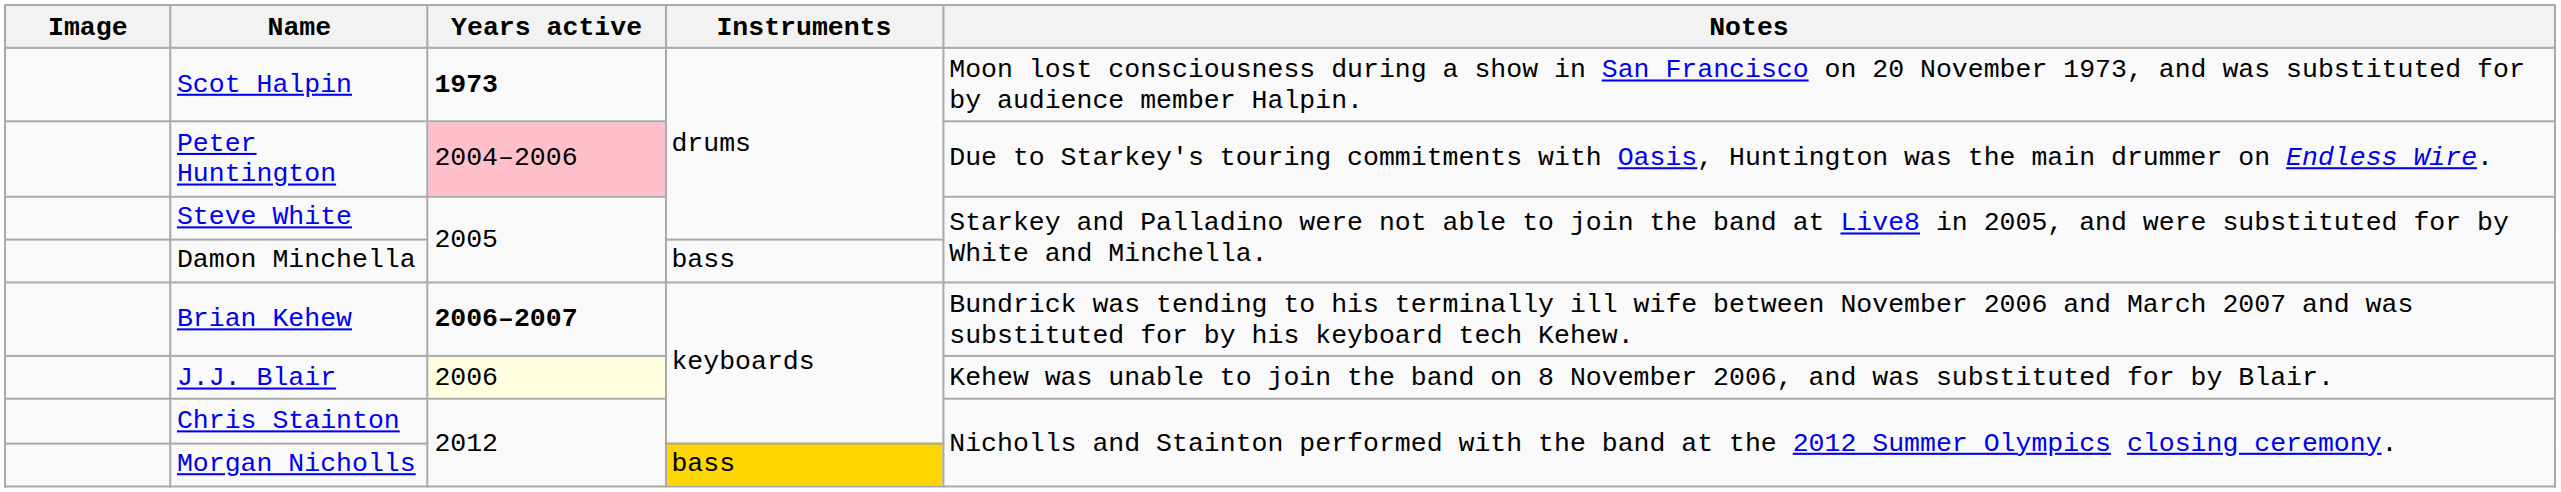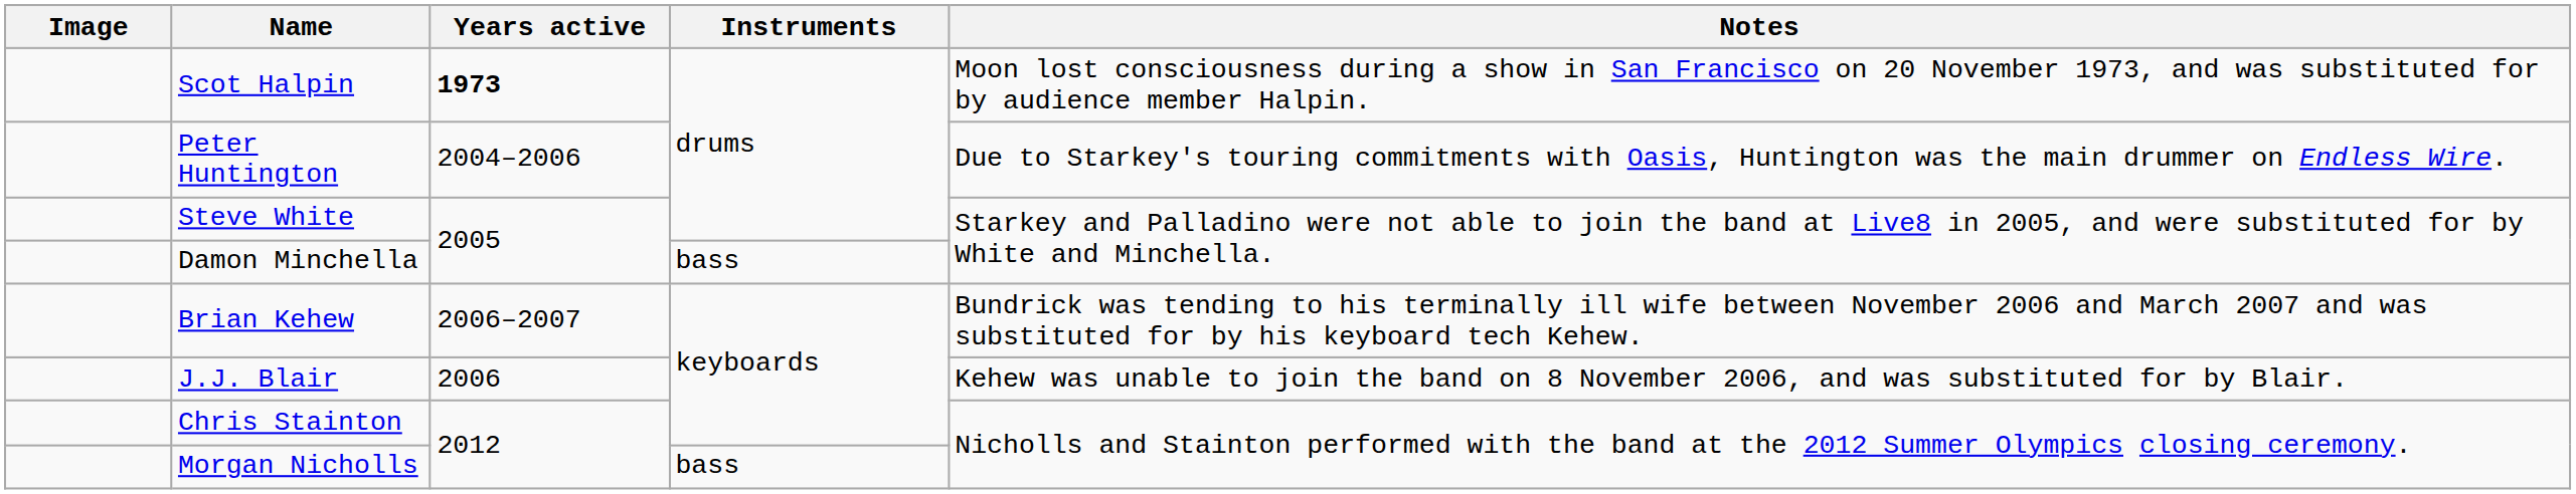 <table class="wikitable">
 <tr>
 <th width="75">Image</th>
 <th width="120">Name</th>
 <th width="110">Years active</th>
 <th width="130">Instruments</th>
 <th>Notes</th>
 </tr>
 <tr>
 <td></td>
 <td><a href='#'>Scot Halpin</a></td>
 <td><strong>1973 </strong></td>
 <td rowspan="3">drums</td>
 <td>Moon lost consciousness during a show in <a href='#'>San Francisco</a> on 20 November 1973, and was substituted for by audience member Halpin.</td>
 </tr>
 <tr>
 <td></td>
 <td><a href='#'>Peter Huntington</a></td>
-<td style="background: pink;">2004–2006</td>
+<td>2004–2006</td>
 <td>Due to Starkey's touring commitments with <a href='#'>Oasis</a>, Huntington was the main drummer on <em><a href='#'>Endless Wire</a></em>.</td>
 </tr>
 <tr>
 <td></td>
 <td><a href='#'>Steve White</a></td>
 <td rowspan="2">2005</td>
 <td rowspan="2">Starkey and Palladino were not able to join the band at <a href='#'>Live8</a> in 2005, and were substituted for by White and Minchella.</td>
 </tr>
 <tr>
 <td></td>
 <td>Damon Minchella</td>
 <td>bass</td>
 </tr>
 <tr>
 <td></td>
 <td><a href='#'>Brian Kehew</a></td>
-<td><strong>2006–2007</strong></td>
+<td>2006–2007</td>
 <td rowspan="3">keyboards</td>
 <td>Bundrick was tending to his terminally ill wife between November 2006 and March 2007 and was substituted for by his keyboard tech Kehew.</td>
 </tr>
 <tr>
 <td></td>
 <td><a href='#'>J.J. Blair</a></td>
-<td style="background: lightyellow;">2006</td>
+<td>2006</td>
 <td>Kehew was unable to join the band on 8 November 2006, and was substituted for by Blair.</td>
 </tr>
 <tr>
 <td></td>
 <td><a href='#'>Chris Stainton</a></td>
 <td rowspan="2">2012</td>
 <td rowspan="2">Nicholls and Stainton performed with the band at the <a href='#'>2012 Summer Olympics</a> <a href='#'>closing ceremony</a>.</td>
 </tr>
 <tr>
 <td></td>
 <td><a href='#'>Morgan Nicholls</a></td>
-<td style="background: gold;">bass</td>
+<td>bass</td>
 </tr>
 </table>
